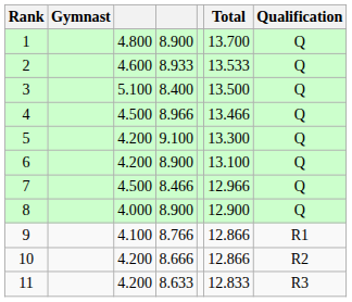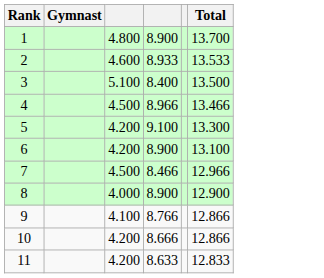 <table class="wikitable sortable" style="text-align:center">
 <tr>
 <th>Rank</th>
 <th>Gymnast</th>
 <th><small></small></th>
 <th><small></small></th>
 <th><small></small></th>
 <th>Total</th>
-<th>Qualification</th>
 </tr>
 <tr bgcolor=ccffcc>
 <td>1</td>
 <td align=left></td>
 <td>4.800</td>
 <td>8.900</td>
 <td></td>
 <td>13.700</td>
-<td>Q</td>
 </tr>
 <tr bgcolor=ccffcc>
 <td>2</td>
 <td align=left></td>
 <td>4.600</td>
 <td>8.933</td>
 <td></td>
 <td>13.533</td>
-<td>Q</td>
 </tr>
 <tr bgcolor=ccffcc>
 <td>3</td>
 <td align=left></td>
 <td>5.100</td>
 <td>8.400</td>
 <td></td>
 <td>13.500</td>
-<td>Q</td>
 </tr>
 <tr bgcolor=ccffcc>
 <td>4</td>
 <td align=left></td>
 <td>4.500</td>
 <td>8.966</td>
 <td></td>
 <td>13.466</td>
-<td>Q</td>
 </tr>
 <tr bgcolor=ccffcc>
 <td>5</td>
 <td align=left></td>
 <td>4.200</td>
 <td>9.100</td>
 <td></td>
 <td>13.300</td>
-<td>Q</td>
 </tr>
 <tr bgcolor=ccffcc>
 <td>6</td>
 <td align=left></td>
 <td>4.200</td>
 <td>8.900</td>
 <td></td>
 <td>13.100</td>
-<td>Q</td>
 </tr>
 <tr bgcolor=ccffcc>
 <td>7</td>
 <td align=left></td>
 <td>4.500</td>
 <td>8.466</td>
 <td></td>
 <td>12.966</td>
-<td>Q</td>
 </tr>
 <tr bgcolor=ccffcc>
 <td>8</td>
 <td align=left></td>
 <td>4.000</td>
 <td>8.900</td>
 <td></td>
 <td>12.900</td>
-<td>Q</td>
 </tr>
 <tr>
 <td>9</td>
 <td align=left></td>
 <td>4.100</td>
 <td>8.766</td>
 <td></td>
 <td>12.866</td>
-<td>R1</td>
 </tr>
 <tr>
 <td>10</td>
 <td align=left></td>
 <td>4.200</td>
 <td>8.666</td>
 <td></td>
 <td>12.866</td>
-<td>R2</td>
 </tr>
 <tr>
 <td>11</td>
 <td align=left></td>
 <td>4.200</td>
 <td>8.633</td>
 <td></td>
 <td>12.833</td>
-<td>R3</td>
 </tr>
 </table>
